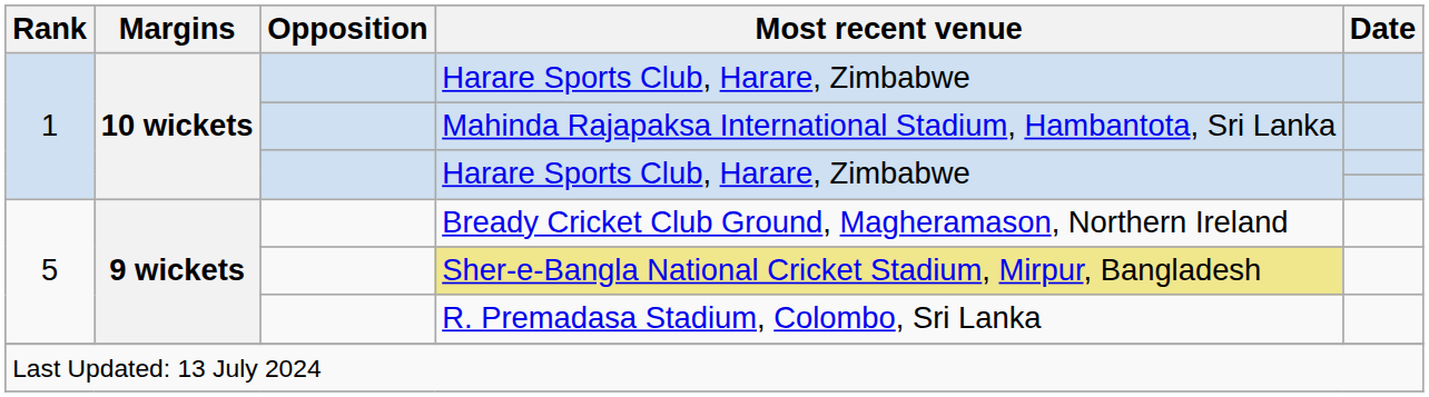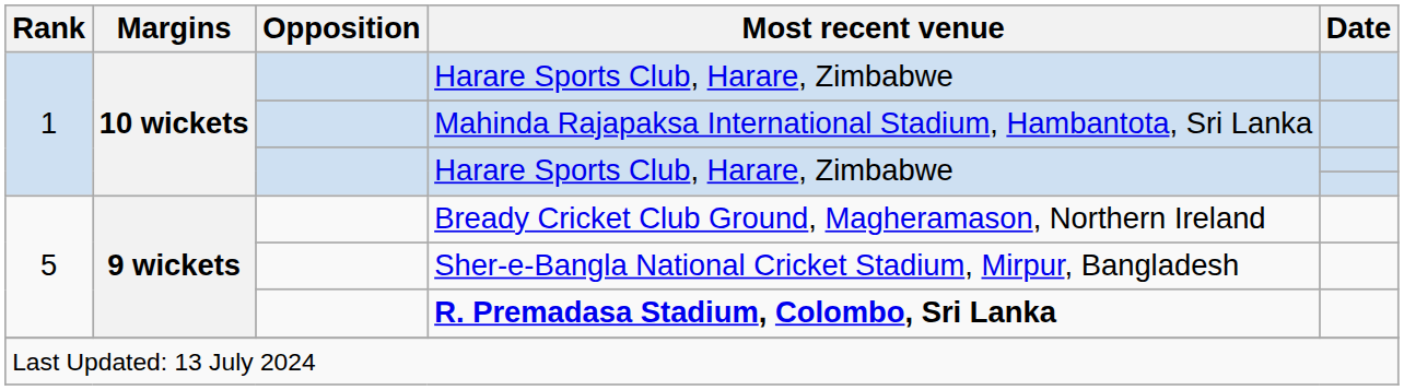 <table class="wikitable sortable">
 <tr>
 <th scope=col>Rank</th>
 <th scope=col>Margins</th>
 <th scope=col>Opposition</th>
 <th scope=col>Most recent venue</th>
 <th scope=col>Date</th>
 </tr>
 <tr bgcolor=#cee0f2>
 <td align=center rowspan=4>1</td>
 <th scope=row style=text-align:center rowspan=4>10 wickets</th>
 <td></td>
 <td><a href='#'>Harare Sports Club</a>, <a href='#'>Harare</a>, Zimbabwe</td>
 <td></td>
 </tr>
 <tr bgcolor=#cee0f2>
 <td></td>
 <td><a href='#'>Mahinda Rajapaksa International Stadium</a>, <a href='#'>Hambantota</a>, Sri Lanka</td>
 <td> </td>
 </tr>
 <tr bgcolor=#cee0f2>
 <td rowspan=2></td>
 <td rowspan=2><a href='#'>Harare Sports Club</a>, <a href='#'>Harare</a>, Zimbabwe</td>
 <td></td>
 </tr>
 <tr bgcolor=#cee0f2>
 <td></td>
 </tr>
 <tr>
 <td align=center rowspan=3>5</td>
 <th scope=row style=text-align:center rowspan=3>9 wickets</th>
 <td></td>
 <td><a href='#'>Bready Cricket Club Ground</a>, <a href='#'>Magheramason</a>, Northern Ireland</td>
 <td></td>
 </tr>
 <tr>
 <td></td>
-<td style="background: khaki;"><a href='#'>Sher-e-Bangla National Cricket Stadium</a>, <a href='#'>Mirpur</a>, Bangladesh</td>
+<td><a href='#'>Sher-e-Bangla National Cricket Stadium</a>, <a href='#'>Mirpur</a>, Bangladesh</td>
 <td></td>
 </tr>
 <tr>
 <td></td>
-<td><a href='#'>R. Premadasa Stadium</a>, <a href='#'>Colombo</a>, Sri Lanka</td>
+<td><strong><a href='#'>R. Premadasa Stadium</a>, <a href='#'>Colombo</a>, Sri Lanka</strong></td>
 <td></td>
 </tr>
 <tr>
 </tr>
 <tr class=sortbottom>
 <td colspan=5><small>Last Updated: 13 July 2024</small></td>
 </tr>
 </table>
